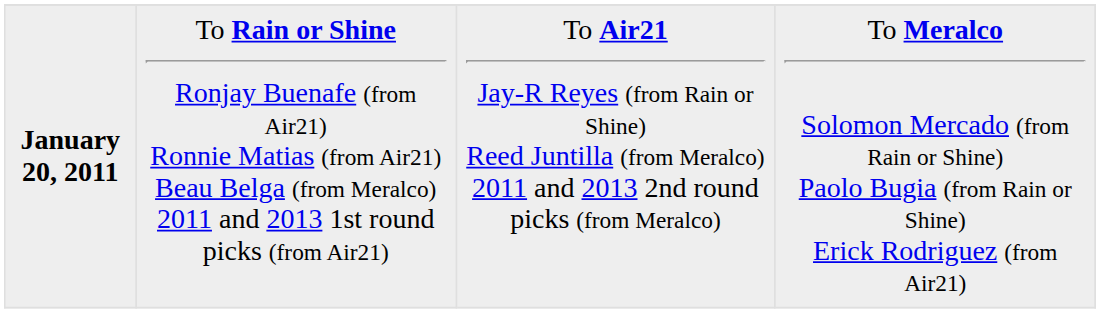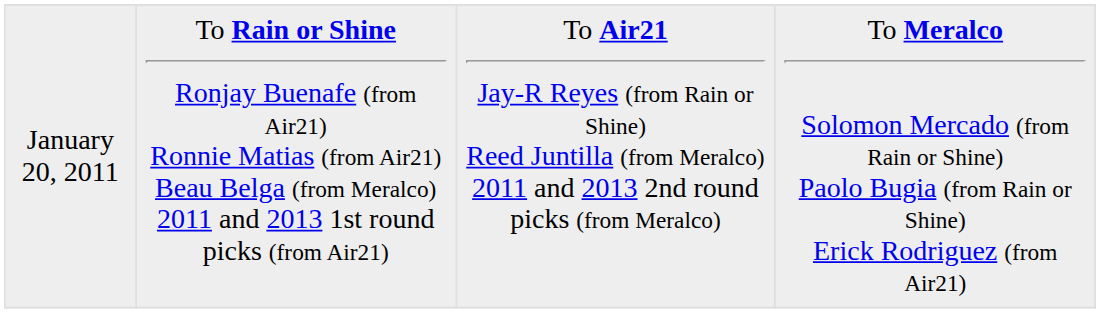 <table border=1 style="border-collapse:collapse; text-align: center; width: 100%" bordercolor="#DFDFDF"  cellpadding="5">
 <tr>
 </tr>
 <tr bgcolor="eeeeee">
-<td style="width:12%"><strong>January 20, 2011</strong></td>
+<td style="width:12%">January 20, 2011</td>
 <td style="width:29.3%" valign="top">To <strong><a href='#'>Rain or Shine</a></strong><hr><a href='#'>Ronjay Buenafe</a> <small>(from Air21)</small> <br> <a href='#'>Ronnie Matias</a> <small>(from Air21)</small><br> <a href='#'>Beau Belga</a> <small>(from Meralco)</small><br> <a href='#'>2011</a> and <a href='#'>2013</a> 1st round picks <small>(from Air21)</small></td>
 <td style="width:29.3%" valign="top">To <strong><a href='#'>Air21</a></strong><hr><a href='#'>Jay-R Reyes</a> <small>(from Rain or Shine)</small> <br><a href='#'>Reed Juntilla</a> <small>(from Meralco)</small><br><a href='#'>2011</a> and <a href='#'>2013</a> 2nd round picks <small>(from Meralco)</small></td>
 <td style="width:29.3%" valign="top">To <strong><a href='#'>Meralco</a></strong><hr><br><a href='#'>Solomon Mercado</a> <small>(from Rain or Shine)</small> <br> <a href='#'>Paolo Bugia</a> <small>(from Rain or Shine)</small> <br> <a href='#'>Erick Rodriguez</a> <small>(from Air21)</small></td>
 </tr>
 </table>
